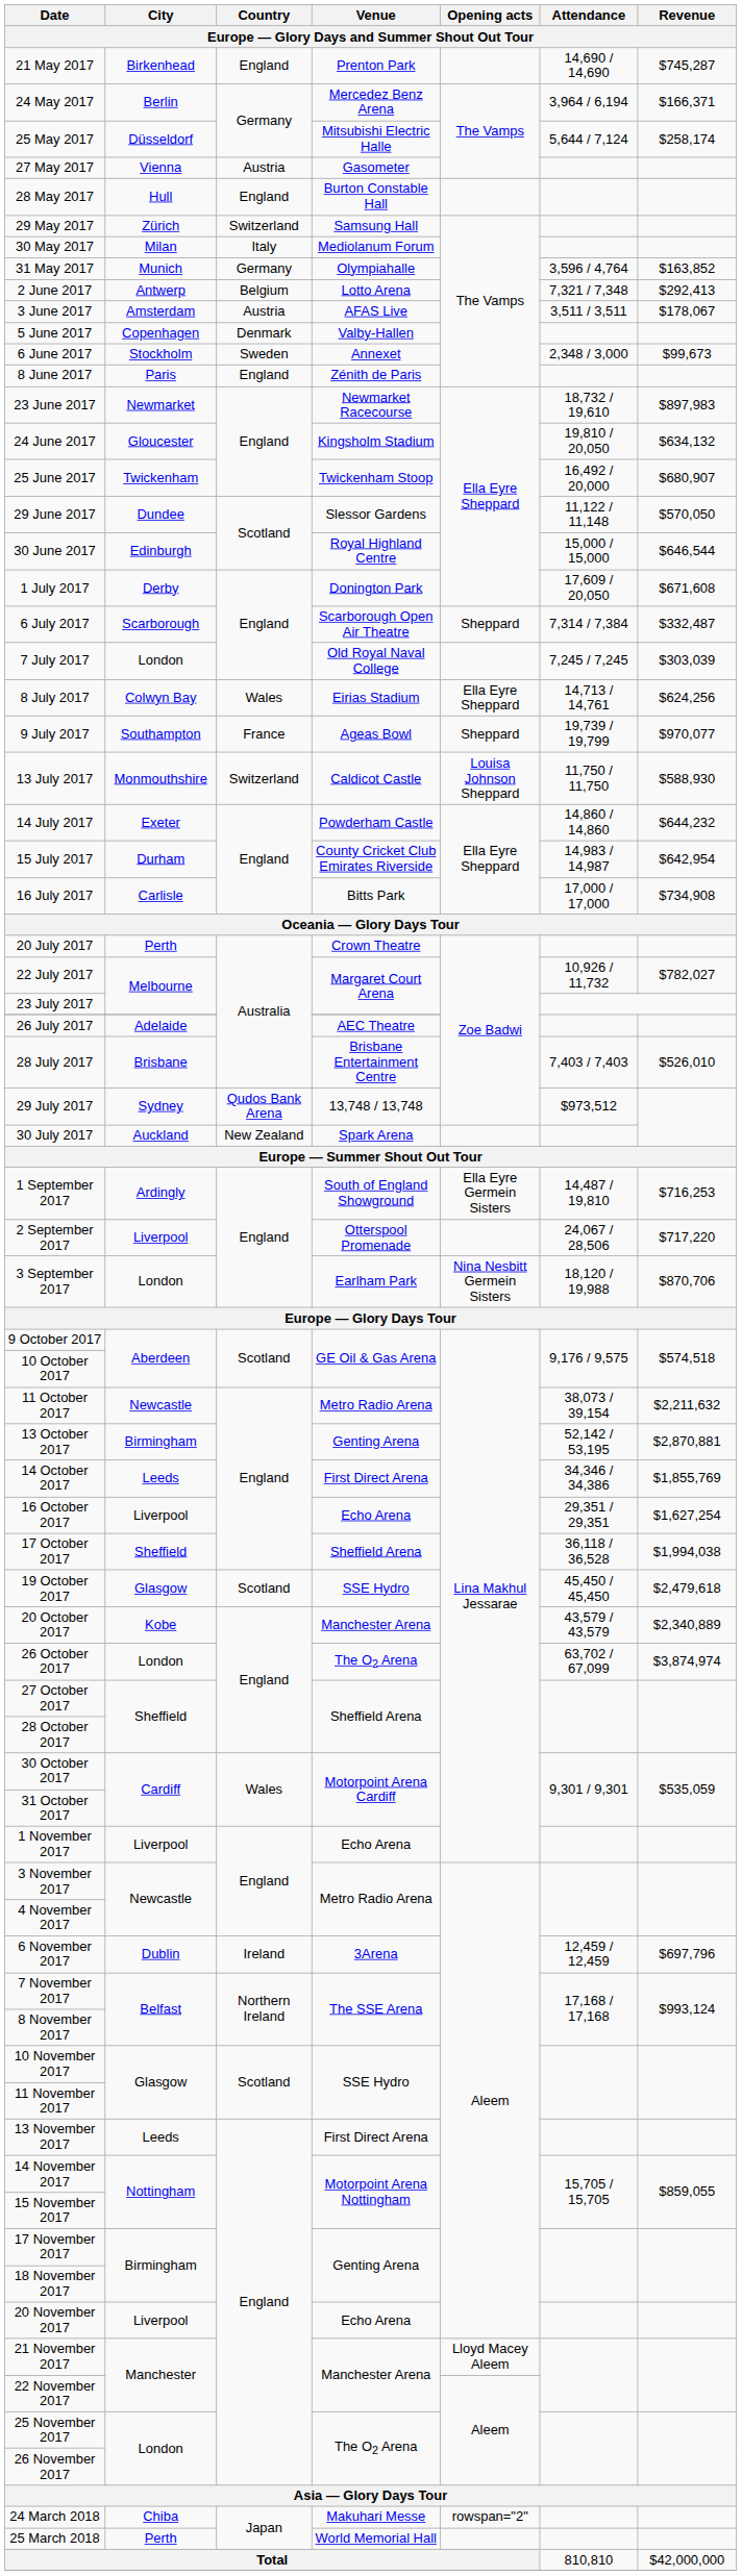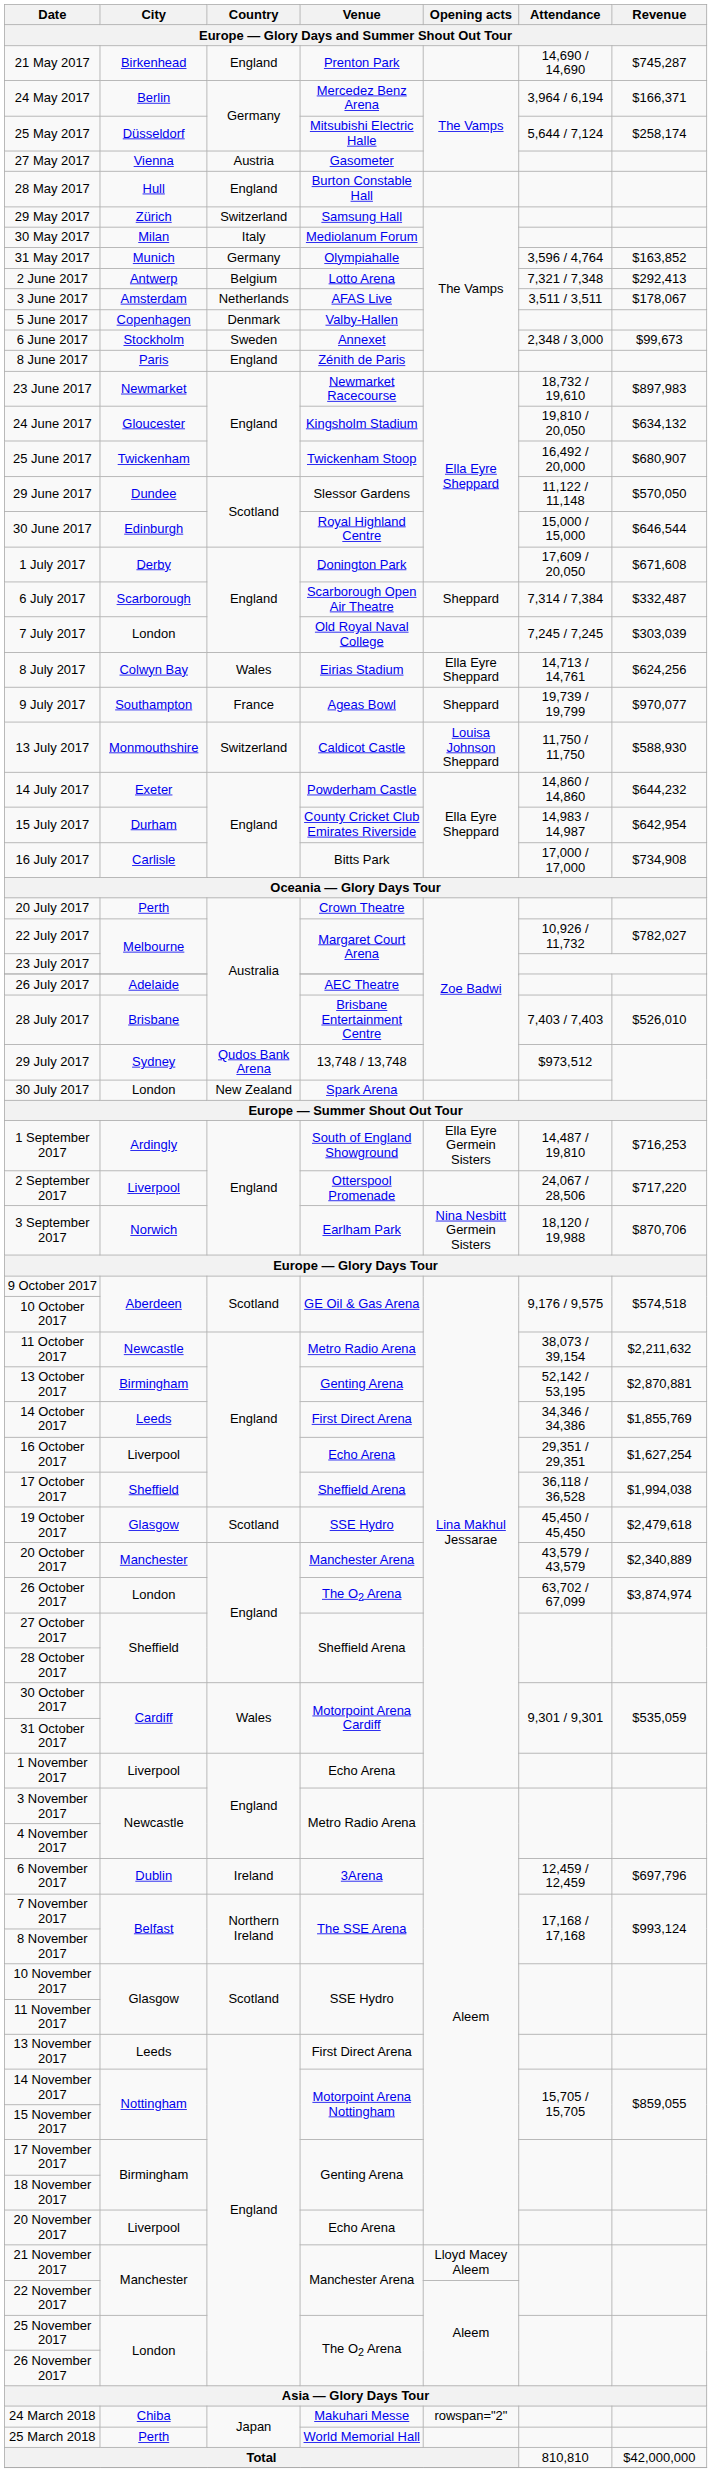 <table class="wikitable" style="text-align:center;">
 <tr>
 <th scope="col" style="width:12em;">Date</th>
 <th scope="col" style="width:10em;">City</th>
 <th scope="col" style="width:10em;">Country</th>
 <th scope="col" style="width:16em;">Venue</th>
 <th scope="col" style="width:10em;">Opening acts</th>
 <th scope="col" style="width:10em;">Attendance</th>
 <th scope="col" style="width:10em;">Revenue</th>
 </tr>
 <tr>
 <th colspan="7">Europe — Glory Days and Summer Shout Out Tour</th>
 </tr>
 <tr>
 <td>21 May 2017</td>
 <td><a href='#'>Birkenhead</a></td>
 <td>England</td>
 <td><a href='#'>Prenton Park</a></td>
 <td></td>
 <td>14,690 / 14,690</td>
 <td>$745,287</td>
 </tr>
 <tr>
 <td>24 May 2017</td>
 <td><a href='#'>Berlin</a></td>
 <td rowspan="2">Germany</td>
 <td><a href='#'>Mercedez Benz Arena</a></td>
 <td rowspan="3"><a href='#'>The Vamps</a></td>
 <td>3,964 / 6,194</td>
 <td>$166,371</td>
 </tr>
 <tr>
 <td>25 May 2017</td>
 <td><a href='#'>Düsseldorf</a></td>
 <td><a href='#'>Mitsubishi Electric Halle</a></td>
 <td>5,644 / 7,124</td>
 <td>$258,174</td>
 </tr>
 <tr>
 <td>27 May 2017</td>
 <td><a href='#'>Vienna</a></td>
 <td>Austria</td>
 <td><a href='#'>Gasometer</a></td>
 <td></td>
 <td></td>
 </tr>
 <tr>
 <td>28 May 2017</td>
 <td><a href='#'>Hull</a></td>
 <td>England</td>
 <td><a href='#'>Burton Constable Hall</a></td>
 <td></td>
 <td></td>
 <td></td>
 </tr>
 <tr>
 <td>29 May 2017</td>
 <td><a href='#'>Zürich</a></td>
 <td>Switzerland</td>
 <td><a href='#'>Samsung Hall</a></td>
 <td rowspan="8">The Vamps</td>
 <td></td>
 <td></td>
 </tr>
 <tr>
 <td>30 May 2017</td>
 <td><a href='#'>Milan</a></td>
 <td>Italy</td>
 <td><a href='#'>Mediolanum Forum</a></td>
 <td></td>
 <td></td>
 </tr>
 <tr>
 <td>31 May 2017</td>
 <td><a href='#'>Munich</a></td>
 <td>Germany</td>
 <td><a href='#'>Olympiahalle</a></td>
 <td>3,596 / 4,764</td>
 <td>$163,852</td>
 </tr>
 <tr>
 <td>2 June 2017</td>
 <td><a href='#'>Antwerp</a></td>
 <td>Belgium</td>
 <td><a href='#'>Lotto Arena</a></td>
 <td>7,321 / 7,348</td>
 <td>$292,413</td>
 </tr>
 <tr>
 <td>3 June 2017</td>
 <td><a href='#'>Amsterdam</a></td>
-<td>Austria</td>
+<td>Netherlands</td>
 <td><a href='#'>AFAS Live</a></td>
 <td>3,511 / 3,511</td>
 <td>$178,067</td>
 </tr>
 <tr>
 <td>5 June 2017</td>
 <td><a href='#'>Copenhagen</a></td>
 <td>Denmark</td>
 <td><a href='#'>Valby-Hallen</a></td>
 <td></td>
 <td></td>
 </tr>
 <tr>
 <td>6 June 2017</td>
 <td><a href='#'>Stockholm</a></td>
 <td>Sweden</td>
 <td><a href='#'>Annexet</a></td>
 <td>2,348 / 3,000</td>
 <td>$99,673</td>
 </tr>
 <tr>
 <td>8 June 2017</td>
 <td><a href='#'>Paris</a></td>
 <td>England</td>
 <td><a href='#'>Zénith de Paris</a></td>
 <td></td>
 <td></td>
 </tr>
 <tr>
 <td>23 June 2017</td>
 <td><a href='#'>Newmarket</a></td>
 <td rowspan="3">England</td>
 <td><a href='#'>Newmarket Racecourse</a></td>
 <td rowspan="6"><a href='#'>Ella Eyre</a><br><a href='#'>Sheppard</a></td>
 <td>18,732 / 19,610</td>
 <td>$897,983</td>
 </tr>
 <tr>
 <td>24 June 2017</td>
 <td><a href='#'>Gloucester</a></td>
 <td><a href='#'>Kingsholm Stadium</a></td>
 <td>19,810 / 20,050</td>
 <td>$634,132</td>
 </tr>
 <tr>
 <td>25 June 2017</td>
 <td><a href='#'>Twickenham</a></td>
 <td><a href='#'>Twickenham Stoop</a></td>
 <td>16,492 / 20,000</td>
 <td>$680,907</td>
 </tr>
 <tr>
 <td>29 June 2017</td>
 <td><a href='#'>Dundee</a></td>
 <td rowspan="2">Scotland</td>
 <td>Slessor Gardens</td>
 <td>11,122 / 11,148</td>
 <td>$570,050</td>
 </tr>
 <tr>
 <td>30 June 2017</td>
 <td><a href='#'>Edinburgh</a></td>
 <td><a href='#'>Royal Highland Centre</a></td>
 <td>15,000 / 15,000</td>
 <td>$646,544</td>
 </tr>
 <tr>
 <td>1 July 2017</td>
 <td><a href='#'>Derby</a></td>
 <td rowspan="3">England</td>
 <td><a href='#'>Donington Park</a></td>
 <td>17,609 / 20,050</td>
 <td>$671,608</td>
 </tr>
 <tr>
 <td>6 July 2017</td>
 <td><a href='#'>Scarborough</a></td>
 <td><a href='#'>Scarborough Open Air Theatre</a></td>
 <td>Sheppard</td>
 <td>7,314 / 7,384</td>
 <td>$332,487</td>
 </tr>
 <tr>
 <td>7 July 2017</td>
 <td>London</td>
 <td><a href='#'>Old Royal Naval College</a></td>
 <td></td>
 <td>7,245 / 7,245</td>
 <td>$303,039</td>
 </tr>
 <tr>
 <td>8 July 2017</td>
 <td><a href='#'>Colwyn Bay</a></td>
 <td>Wales</td>
 <td><a href='#'>Eirias Stadium</a></td>
 <td>Ella Eyre<br>Sheppard</td>
 <td>14,713 / 14,761</td>
 <td>$624,256</td>
 </tr>
 <tr>
 <td>9 July 2017</td>
 <td><a href='#'>Southampton</a></td>
 <td>France</td>
 <td><a href='#'>Ageas Bowl</a></td>
 <td>Sheppard</td>
 <td>19,739 / 19,799</td>
 <td>$970,077</td>
 </tr>
 <tr>
 <td>13 July 2017</td>
 <td><a href='#'>Monmouthshire</a></td>
 <td>Switzerland</td>
 <td><a href='#'>Caldicot Castle</a></td>
 <td><a href='#'>Louisa Johnson</a><br>Sheppard</td>
 <td>11,750 / 11,750</td>
 <td>$588,930</td>
 </tr>
 <tr>
 <td>14 July 2017</td>
 <td><a href='#'>Exeter</a></td>
 <td rowspan="3">England</td>
 <td><a href='#'>Powderham Castle</a></td>
 <td rowspan="3">Ella Eyre<br>Sheppard</td>
 <td>14,860 / 14,860</td>
 <td>$644,232</td>
 </tr>
 <tr>
 <td>15 July 2017</td>
 <td><a href='#'>Durham</a></td>
 <td><a href='#'>County Cricket Club Emirates Riverside</a></td>
 <td>14,983 / 14,987</td>
 <td>$642,954</td>
 </tr>
 <tr>
 <td>16 July 2017</td>
 <td><a href='#'>Carlisle</a></td>
 <td>Bitts Park</td>
 <td>17,000 / 17,000</td>
 <td>$734,908</td>
 </tr>
 <tr>
 <th colspan="7">Oceania — Glory Days Tour</th>
 </tr>
 <tr>
 <td>20 July 2017</td>
 <td><a href='#'>Perth</a></td>
 <td rowspan="6">Australia</td>
 <td><a href='#'>Crown Theatre</a></td>
 <td rowspan="7"><a href='#'>Zoe Badwi</a></td>
 <td></td>
 <td></td>
 </tr>
 <tr>
 <td>22 July 2017</td>
 <td rowspan="2"><a href='#'>Melbourne</a></td>
 <td rowspan="2"><a href='#'>Margaret Court Arena</a></td>
 <td>10,926 / 11,732</td>
 <td>$782,027</td>
 </tr>
 <tr>
 <td>23 July 2017</td>
 </tr>
 <tr 10,926 / 11,732>
 </tr>
 <tr>
 <td>26 July 2017</td>
 <td><a href='#'>Adelaide</a></td>
 <td><a href='#'>AEC Theatre</a></td>
 <td></td>
 <td></td>
 </tr>
 <tr>
 <td>28 July 2017</td>
 <td><a href='#'>Brisbane</a></td>
 <td><a href='#'>Brisbane Entertainment Centre</a></td>
 <td>7,403 / 7,403</td>
 <td>$526,010</td>
 </tr>
 <tr>
 <td>29 July 2017</td>
 <td><a href='#'>Sydney</a></td>
 <td><a href='#'>Qudos Bank Arena</a></td>
 <td>13,748 / 13,748</td>
 <td>$973,512</td>
 </tr>
 <tr>
 <td>30 July 2017</td>
-<td><a href='#'>Auckland</a></td>
+<td>London</td>
 <td>New Zealand</td>
 <td><a href='#'>Spark Arena</a></td>
 <td></td>
 <td></td>
 </tr>
 <tr>
 <th colspan="7">Europe — Summer Shout Out Tour</th>
 </tr>
 <tr>
 <td>1 September 2017</td>
 <td><a href='#'>Ardingly</a></td>
 <td rowspan="3">England</td>
 <td><a href='#'>South of England Showground</a></td>
 <td>Ella Eyre<br>Germein Sisters</td>
 <td>14,487 / 19,810</td>
 <td>$716,253</td>
 </tr>
 <tr>
 <td>2 September 2017</td>
 <td><a href='#'>Liverpool</a></td>
 <td><a href='#'>Otterspool Promenade</a></td>
 <td></td>
 <td>24,067 / 28,506</td>
 <td>$717,220</td>
 </tr>
 <tr>
 <td>3 September 2017</td>
-<td>London</td>
+<td><a href='#'>Norwich</a></td>
 <td><a href='#'>Earlham Park</a></td>
 <td><a href='#'>Nina Nesbitt</a><br>Germein Sisters</td>
 <td>18,120 / 19,988</td>
 <td>$870,706</td>
 </tr>
 <tr>
 <th colspan="7">Europe — Glory Days Tour</th>
 </tr>
 <tr>
 <td>9 October 2017</td>
 <td rowspan="2"><a href='#'>Aberdeen</a></td>
 <td rowspan="2">Scotland</td>
 <td rowspan="2"><a href='#'>GE Oil & Gas Arena</a></td>
 <td rowspan="15"><a href='#'>Lina Makhul</a><br>Jessarae</td>
 <td rowspan="2">9,176 / 9,575</td>
 <td rowspan="2">$574,518</td>
 </tr>
 <tr>
 <td>10 October 2017</td>
 </tr>
 <tr>
 <td>11 October 2017</td>
 <td><a href='#'>Newcastle</a></td>
 <td rowspan="5">England</td>
 <td><a href='#'>Metro Radio Arena</a></td>
 <td>38,073 / 39,154</td>
 <td>$2,211,632</td>
 </tr>
 <tr>
 <td>13 October 2017</td>
 <td><a href='#'>Birmingham</a></td>
 <td><a href='#'>Genting Arena</a></td>
 <td>52,142 / 53,195</td>
 <td>$2,870,881</td>
 </tr>
 <tr>
 <td>14 October 2017</td>
 <td><a href='#'>Leeds</a></td>
 <td><a href='#'>First Direct Arena</a></td>
 <td>34,346 / 34,386</td>
 <td>$1,855,769</td>
 </tr>
 <tr>
 <td>16 October 2017</td>
 <td>Liverpool</td>
 <td><a href='#'>Echo Arena</a></td>
 <td>29,351 / 29,351</td>
 <td>$1,627,254</td>
 </tr>
 <tr>
 <td>17 October 2017</td>
 <td><a href='#'>Sheffield</a></td>
 <td><a href='#'>Sheffield Arena</a></td>
 <td>36,118 / 36,528</td>
 <td>$1,994,038</td>
 </tr>
 <tr>
 <td>19 October 2017</td>
 <td><a href='#'>Glasgow</a></td>
 <td>Scotland</td>
 <td><a href='#'>SSE Hydro</a></td>
 <td>45,450 / 45,450</td>
 <td>$2,479,618</td>
 </tr>
 <tr>
 <td>20 October 2017</td>
-<td><a href='#'>Kobe</a></td>
+<td><a href='#'>Manchester</a></td>
 <td rowspan="4">England</td>
 <td><a href='#'>Manchester Arena</a></td>
 <td>43,579 / 43,579</td>
 <td>$2,340,889</td>
 </tr>
 <tr>
 <td>26 October 2017</td>
 <td>London</td>
 <td><a href='#'>The O<sub>2</sub> Arena</a></td>
 <td>63,702 / 67,099</td>
 <td>$3,874,974</td>
 </tr>
 <tr>
 <td>27 October 2017</td>
 <td rowspan="2">Sheffield</td>
 <td rowspan="2">Sheffield Arena</td>
 <td rowspan="2"></td>
 <td rowspan="2"></td>
 </tr>
 <tr>
 <td>28 October 2017</td>
 </tr>
 <tr>
 <td>30 October 2017</td>
 <td rowspan="2"><a href='#'>Cardiff</a></td>
 <td rowspan="2">Wales</td>
 <td rowspan="2"><a href='#'>Motorpoint Arena Cardiff</a></td>
 <td rowspan="2">9,301 / 9,301</td>
 <td rowspan="2">$535,059</td>
 </tr>
 <tr>
 <td>31 October 2017</td>
 </tr>
 <tr>
 <td>1 November 2017</td>
 <td>Liverpool</td>
 <td rowspan="3">England</td>
 <td>Echo Arena</td>
 <td></td>
 <td></td>
 </tr>
 <tr>
 <td>3 November 2017</td>
 <td rowspan="2">Newcastle</td>
 <td rowspan="2">Metro Radio Arena</td>
 <td rowspan="13">Aleem</td>
 <td rowspan="2"></td>
 <td rowspan="2"></td>
 </tr>
 <tr>
 <td>4 November 2017</td>
 </tr>
 <tr>
 <td>6 November 2017</td>
 <td><a href='#'>Dublin</a></td>
 <td>Ireland</td>
 <td><a href='#'>3Arena</a></td>
 <td>12,459 / 12,459</td>
 <td>$697,796</td>
 </tr>
 <tr>
 <td>7 November 2017</td>
 <td rowspan="2"><a href='#'>Belfast</a></td>
 <td rowspan="2">Northern Ireland</td>
 <td rowspan="2"><a href='#'>The SSE Arena</a></td>
 <td rowspan="2">17,168 / 17,168</td>
 <td rowspan="2">$993,124</td>
 </tr>
 <tr>
 <td>8 November 2017</td>
 </tr>
 <tr>
 <td>10 November 2017</td>
 <td rowspan="2">Glasgow</td>
 <td rowspan="2">Scotland</td>
 <td rowspan="2">SSE Hydro</td>
 <td rowspan="2"></td>
 <td rowspan="2"></td>
 </tr>
 <tr>
 <td>11 November 2017</td>
 </tr>
 <tr>
 <td>13 November 2017</td>
 <td>Leeds</td>
 <td rowspan="10">England</td>
 <td>First Direct Arena</td>
 <td></td>
 <td></td>
 </tr>
 <tr>
 <td>14 November 2017</td>
 <td rowspan="2"><a href='#'>Nottingham</a></td>
 <td rowspan="2"><a href='#'>Motorpoint Arena Nottingham</a></td>
 <td rowspan="2">15,705 / 15,705</td>
 <td rowspan="2">$859,055</td>
 </tr>
 <tr>
 <td>15 November 2017</td>
 </tr>
 <tr>
 <td>17 November 2017</td>
 <td rowspan="2">Birmingham</td>
 <td rowspan="2">Genting Arena</td>
 <td rowspan="2"></td>
 <td rowspan="2"></td>
 </tr>
 <tr>
 <td>18 November 2017</td>
 </tr>
 <tr>
 <td>20 November 2017</td>
 <td>Liverpool</td>
 <td>Echo Arena</td>
 <td></td>
 <td></td>
 </tr>
 <tr>
 <td>21 November 2017</td>
 <td rowspan="2">Manchester</td>
 <td rowspan="2">Manchester Arena</td>
 <td>Lloyd Macey<br>Aleem</td>
 <td rowspan="2"></td>
 <td rowspan="2"></td>
 </tr>
 <tr>
 <td>22 November 2017</td>
 <td rowspan="3">Aleem</td>
 </tr>
 <tr>
 <td>25 November 2017</td>
 <td rowspan="2">London</td>
 <td rowspan="2">The O<sub>2</sub> Arena</td>
 <td rowspan="2"></td>
 <td rowspan="2"></td>
 </tr>
 <tr>
 <td>26 November 2017</td>
 </tr>
 <tr>
 <th colspan="7">Asia — Glory Days Tour</th>
 </tr>
 <tr>
 <td>24 March 2018</td>
 <td><a href='#'>Chiba</a></td>
 <td rowspan="2">Japan</td>
 <td><a href='#'>Makuhari Messe</a></td>
 <td>rowspan="2" </td>
 <td></td>
 <td></td>
 </tr>
 <tr>
 <td>25 March 2018</td>
 <td><a href='#'>Perth</a></td>
 <td><a href='#'>World Memorial Hall</a></td>
 <td></td>
 <td></td>
 </tr>
 <tr>
 <th colspan="5">Total</th>
 <td>810,810</td>
 <td>$42,000,000</td>
 </tr>
 <tr>
 </tr>
 </table>
